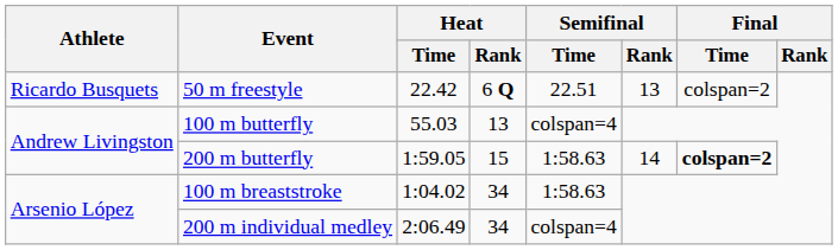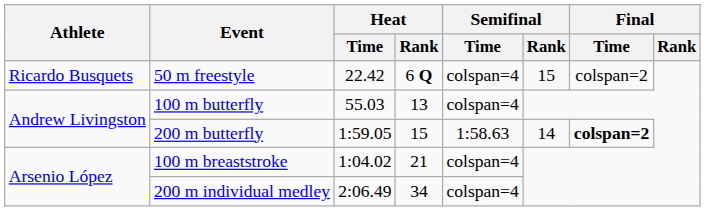 <table class=wikitable style=font-size:90%;text-align:center>
 <tr>
 <th rowspan=2>Athlete</th>
 <th rowspan=2>Event</th>
 <th colspan=2>Heat</th>
 <th colspan=2>Semifinal</th>
 <th colspan=2>Final</th>
 </tr>
 <tr style=font-size:95%>
 <th>Time</th>
 <th>Rank</th>
 <th>Time</th>
 <th>Rank</th>
 <th>Time</th>
 <th>Rank</th>
 </tr>
 <tr>
 <td align=left><a href='#'>Ricardo Busquets</a></td>
 <td align=left><a href='#'>50 m freestyle</a></td>
 <td>22.42</td>
 <td>6 <strong>Q</strong></td>
-<td>22.51</td>
-<td>13</td>
+<td>colspan=4 </td>
+<td>15</td>
 <td>colspan=2 </td>
 </tr>
 <tr>
 <td align=left rowspan=2><a href='#'>Andrew Livingston</a></td>
 <td align=left><a href='#'>100 m butterfly</a></td>
 <td>55.03</td>
 <td>13</td>
 <td>colspan=4 </td>
 </tr>
 <tr>
 <td align=left><a href='#'>200 m butterfly</a></td>
 <td>1:59.05</td>
 <td>15</td>
 <td>1:58.63</td>
 <td>14</td>
 <td><strong>colspan=2 </strong></td>
 </tr>
 <tr>
 <td align=left rowspan=2><a href='#'>Arsenio López</a></td>
 <td align=left><a href='#'>100 m breaststroke</a></td>
 <td>1:04.02</td>
-<td>34</td>
-<td>1:58.63</td>
+<td>21</td>
+<td>colspan=4 </td>
 </tr>
 <tr>
 <td align=left><a href='#'>200 m individual medley</a></td>
 <td>2:06.49</td>
 <td>34</td>
 <td>colspan=4 </td>
 </tr>
 </table>
